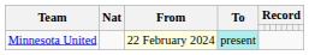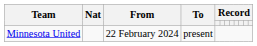 <table class="wikitable" style="text-align: center">
 <tr>
 <th rowspan="2">Team</th>
 <th rowspan="2">Nat</th>
 <th rowspan="2">From</th>
 <th rowspan="2">To</th>
 <th colspan="8">Record</th>
 </tr>
 <tr>
 <th></th>
 <th></th>
 <th></th>
 <th></th>
 <th></th>
 <th></th>
 <th></th>
 <th></th>
 </tr>
 <tr>
 <td align="left"><a href='#'>Minnesota United</a></td>
 <td></td>
-<td style="background: lightyellow;">22 February 2024</td>
-<td style="background: paleturquoise;">present<br></td>
+<td>22 February 2024</td>
+<td>present<br></td>
 </tr>
 </table>
